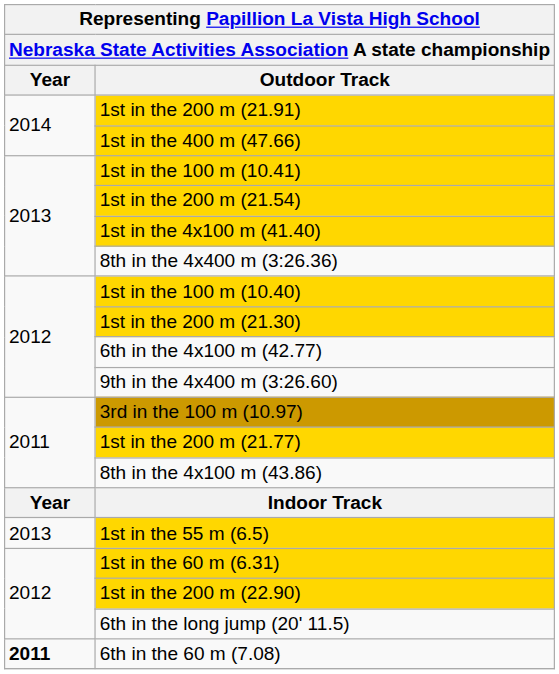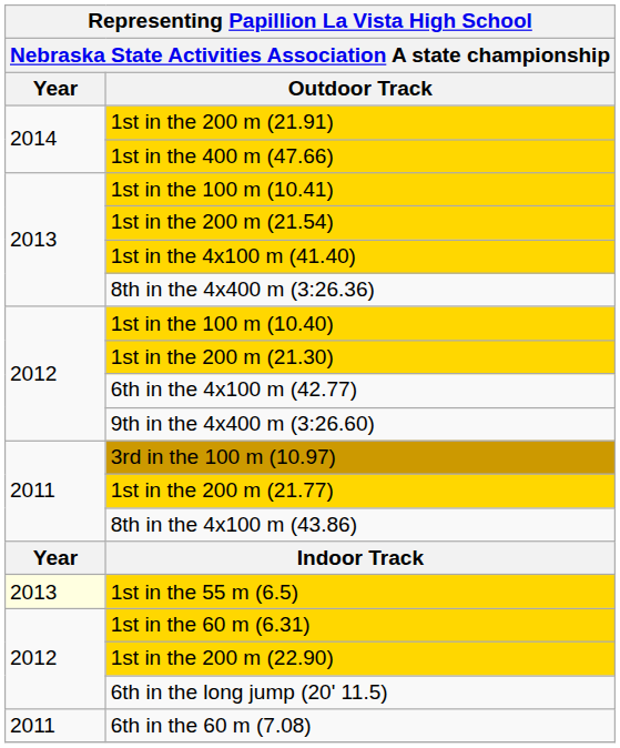 <table class="wikitable sortable">
 <tr>
 <th colspan="7">Representing <a href='#'>Papillion La Vista High School</a></th>
 </tr>
 <tr>
 <th colspan="7"><a href='#'>Nebraska State Activities Association</a> A state championship</th>
 </tr>
 <tr>
 <th>Year</th>
 <th>Outdoor Track</th>
 </tr>
 <tr>
 <td Rowspan=2>2014</td>
 <td bgcolor=gold>1st in the 200 m (21.91)</td>
 </tr>
 <tr>
 <td bgcolor=gold>1st in the 400 m (47.66)</td>
 </tr>
 <tr>
 <td Rowspan=4>2013</td>
 <td bgcolor=gold>1st in the 100 m (10.41)</td>
 </tr>
 <tr>
 <td bgcolor=gold>1st in the 200 m (21.54)</td>
 </tr>
 <tr>
 <td bgcolor=gold>1st in the 4x100 m (41.40)</td>
 </tr>
 <tr>
 <td>8th in the 4x400 m (3:26.36)</td>
 </tr>
 <tr>
 <td Rowspan=4>2012</td>
 <td bgcolor=gold>1st in the 100 m (10.40)</td>
 </tr>
 <tr>
 <td bgcolor=gold>1st in the 200 m (21.30)</td>
 </tr>
 <tr>
 <td>6th in the 4x100 m (42.77)</td>
 </tr>
 <tr>
 <td>9th in the 4x400 m (3:26.60)</td>
 </tr>
 <tr>
 <td Rowspan=3>2011</td>
 <td bgcolor=cc9900>3rd in the 100 m (10.97)</td>
 </tr>
 <tr>
 <td bgcolor=gold>1st in the 200 m (21.77)</td>
 </tr>
 <tr>
 <td>8th in the 4x100 m (43.86)</td>
 </tr>
 <tr>
 <th>Year</th>
 <th>Indoor Track</th>
 </tr>
 <tr>
-<td>2013</td>
+<td style="background: lightyellow;">2013</td>
 <td bgcolor=gold>1st in the 55 m (6.5)</td>
 </tr>
 <tr>
 <td Rowspan=3>2012</td>
 <td bgcolor=gold>1st in the 60 m (6.31)</td>
 </tr>
 <tr>
 <td bgcolor=gold>1st in the 200 m (22.90)</td>
 </tr>
 <tr>
 <td>6th in the long jump (20' 11.5)</td>
 </tr>
 <tr>
-<td><strong>2011</strong></td>
+<td>2011</td>
 <td>6th in the 60 m (7.08)</td>
 </tr>
 <tr>
 </tr>
 </table>
